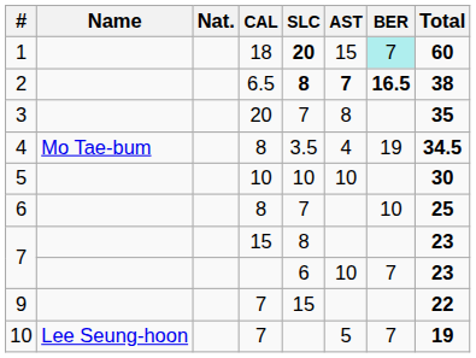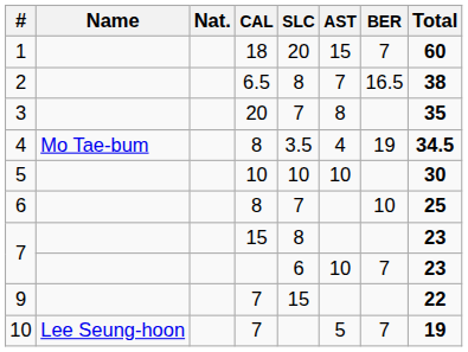 <table class="wikitable sortable" style="text-align:center;">
 <tr>
 <th>#</th>
 <th>Name</th>
 <th>Nat.</th>
 <th><small>CAL</small></th>
 <th><small>SLC</small></th>
 <th><small>AST</small></th>
 <th><small>BER</small></th>
 <th>Total</th>
 </tr>
 <tr>
 <td>1</td>
 <td align=left></td>
 <td></td>
 <td>18</td>
-<td><strong>20</strong></td>
+<td>20</td>
 <td>15</td>
-<td style="background: paleturquoise;">7</td>
+<td>7</td>
 <td><strong>60</strong></td>
 </tr>
 <tr>
 <td>2</td>
 <td align=left></td>
 <td></td>
 <td>6.5</td>
-<td><strong>8</strong></td>
-<td><strong>7</strong></td>
-<td><strong>16.5</strong></td>
+<td>8</td>
+<td>7</td>
+<td>16.5</td>
 <td><strong>38</strong></td>
 </tr>
 <tr>
 <td>3</td>
 <td align=left></td>
 <td></td>
 <td>20</td>
 <td>7</td>
 <td>8</td>
 <td></td>
 <td><strong>35</strong></td>
 </tr>
 <tr>
 <td>4</td>
 <td align=left><a href='#'>Mo Tae-bum</a></td>
 <td></td>
 <td>8</td>
 <td>3.5</td>
 <td>4</td>
 <td>19</td>
 <td><strong>34.5 </strong></td>
 </tr>
 <tr>
 <td>5</td>
 <td align=left></td>
 <td></td>
 <td>10</td>
 <td>10</td>
 <td>10</td>
 <td></td>
 <td><strong>30</strong></td>
 </tr>
 <tr>
 <td>6</td>
 <td align=left></td>
 <td></td>
 <td>8</td>
 <td>7</td>
 <td></td>
 <td>10</td>
 <td><strong>25</strong></td>
 </tr>
 <tr>
 <td rowspan=2>7</td>
 <td align=left></td>
 <td></td>
 <td>15</td>
 <td>8</td>
 <td></td>
 <td></td>
 <td><strong>23</strong></td>
 </tr>
 <tr>
 <td align=left></td>
 <td></td>
 <td></td>
 <td>6</td>
 <td>10</td>
 <td>7</td>
 <td><strong>23</strong></td>
 </tr>
 <tr>
 <td>9</td>
 <td align=left></td>
 <td></td>
 <td>7</td>
 <td>15</td>
 <td></td>
 <td></td>
 <td><strong>22</strong></td>
 </tr>
 <tr>
 <td>10</td>
 <td align=left><a href='#'>Lee Seung-hoon</a></td>
 <td></td>
 <td>7</td>
 <td></td>
 <td>5</td>
 <td>7</td>
 <td><strong>19</strong></td>
 </tr>
 </table>
